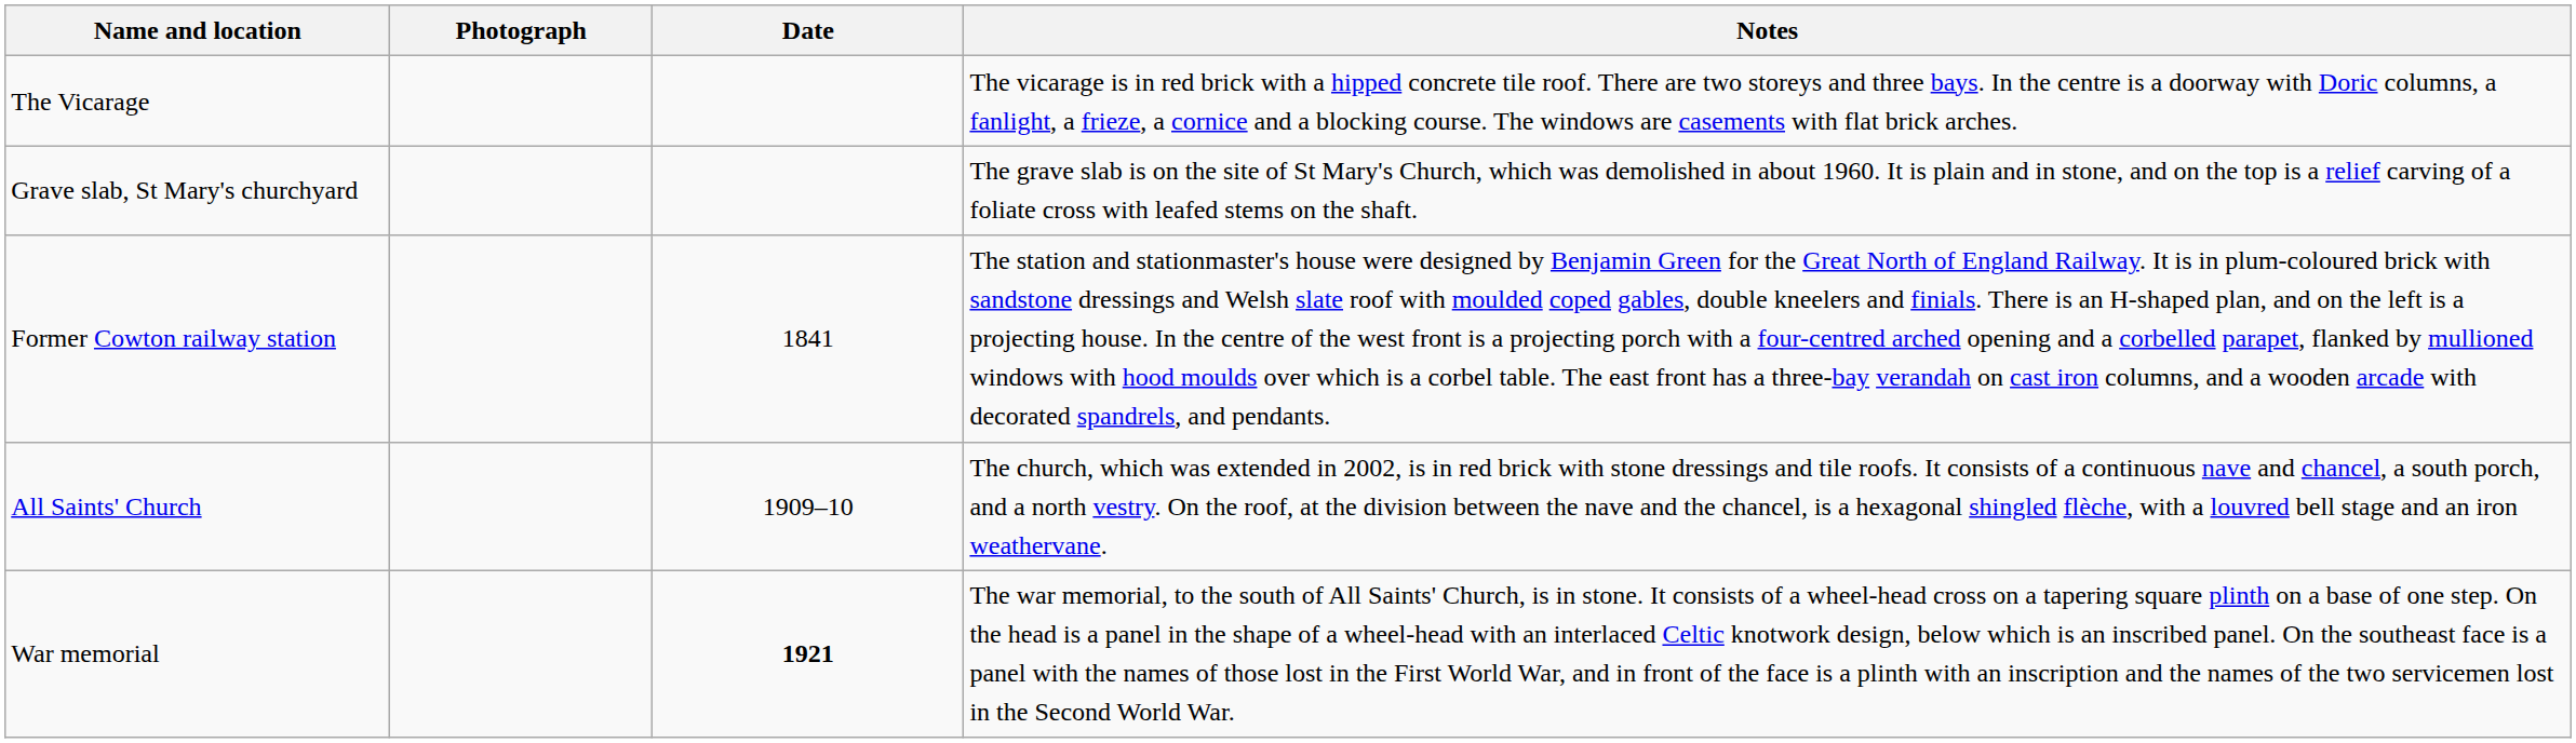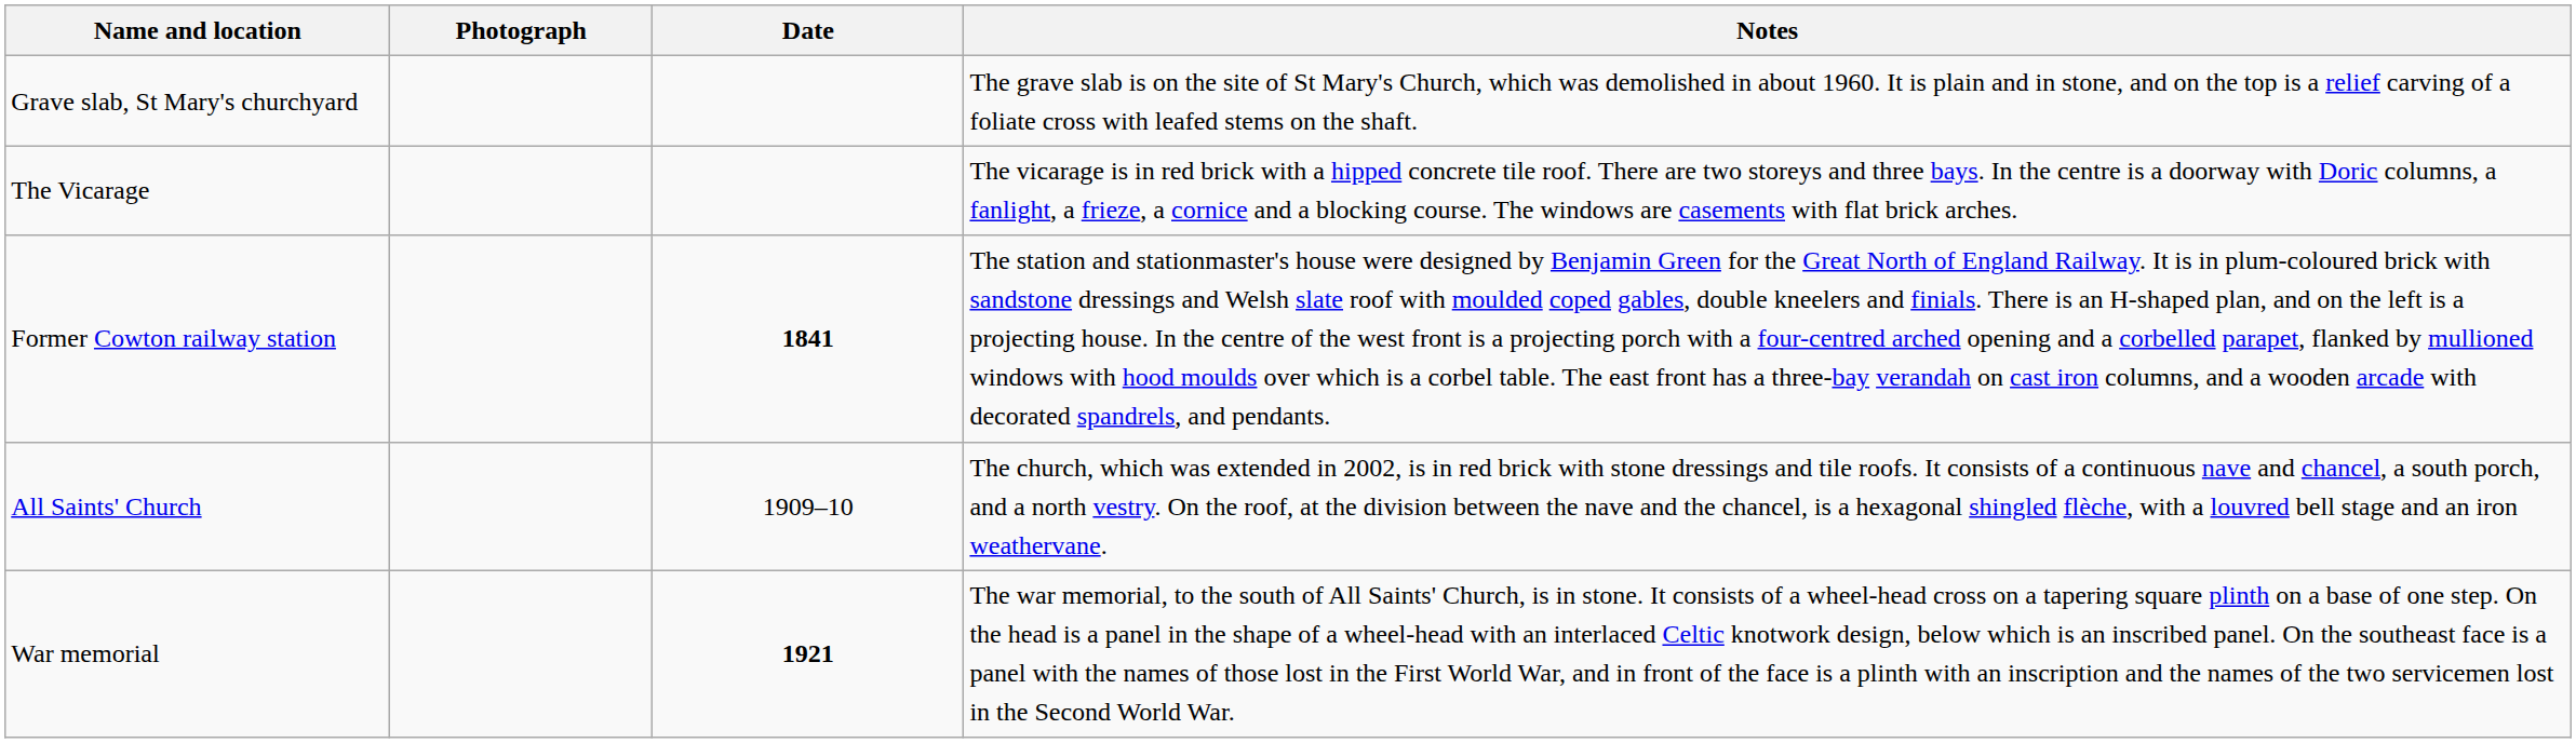 <table class="wikitable sortable plainrowheaders" style="width:100%;border:0px;text-align:left;line-height:150%;">
 <tr>
 <th scope="col"  style="width:150px">Name and location</th>
 <th scope="col"  style="width:100px" class="unsortable">Photograph</th>
 <th scope="col"  style="width:120px">Date</th>
 <th scope="col"  style="width:650px" class="unsortable">Notes</th>
 </tr>
 <tr>
+<td>Grave slab, St Mary's churchyard<br><small></small></td>
+<td></td>
+<td align="center"></td>
+<td>The grave slab is on the site of St Mary's Church, which was demolished in about 1960.  It is plain and in stone, and on the top is a <a href='#'>relief</a> carving of a foliate cross with leafed stems on the shaft.</td>
+</tr>
+<tr>
 <td>The Vicarage<br><small></small></td>
 <td></td>
 <td align="center"></td>
 <td>The vicarage is in red brick with a <a href='#'>hipped</a> concrete tile roof.  There are two storeys and three <a href='#'>bays</a>.  In the centre is a doorway with <a href='#'>Doric</a> columns, a <a href='#'>fanlight</a>, a <a href='#'>frieze</a>,  a <a href='#'>cornice</a> and a blocking course.  The windows are <a href='#'>casements</a> with flat brick arches.</td>
 </tr>
 <tr>
-<td>Grave slab, St Mary's churchyard<br><small></small></td>
-<td></td>
-<td align="center"></td>
-<td>The grave slab is on the site of St Mary's Church, which was demolished in about 1960.  It is plain and in stone, and on the top is a <a href='#'>relief</a> carving of a foliate cross with leafed stems on the shaft.</td>
-</tr>
-<tr>
 <td>Former <a href='#'>Cowton railway station</a><br><small></small></td>
 <td></td>
-<td align="center">1841</td>
+<td align="center"><strong>1841</strong></td>
 <td>The station and stationmaster's house were designed by <a href='#'>Benjamin Green</a> for the <a href='#'>Great North of England Railway</a>.  It is in plum-coloured brick with <a href='#'>sandstone</a> dressings and Welsh <a href='#'>slate</a> roof with <a href='#'>moulded</a> <a href='#'>coped</a> <a href='#'>gables</a>, double kneelers and <a href='#'>finials</a>.  There is an H-shaped plan, and on the left is a projecting house.  In the centre of the west front is a projecting porch with a <a href='#'>four-centred arched</a> opening and a <a href='#'>corbelled</a> <a href='#'>parapet</a>, flanked by <a href='#'>mullioned</a> windows with <a href='#'>hood moulds</a> over which is a corbel table.  The east front has a three-<a href='#'>bay</a> <a href='#'>verandah</a> on <a href='#'>cast iron</a> columns, and a wooden <a href='#'>arcade</a> with decorated <a href='#'>spandrels</a>, and pendants.</td>
 </tr>
 <tr>
 <td><a href='#'>All Saints' Church</a><br><small></small></td>
 <td></td>
 <td align="center">1909–10</td>
 <td>The church, which was extended in 2002, is in red brick with stone dressings and tile roofs.  It consists of a continuous <a href='#'>nave</a> and <a href='#'>chancel</a>, a south porch, and a north <a href='#'>vestry</a>.  On the roof, at the division between the nave and the chancel, is a hexagonal <a href='#'>shingled</a> <a href='#'>flèche</a>, with a <a href='#'>louvred</a> bell stage and an iron <a href='#'>weathervane</a>.</td>
 </tr>
 <tr>
 <td>War memorial<br><small></small></td>
 <td></td>
 <td align="center"><strong>1921</strong></td>
 <td>The war memorial, to the south of All Saints' Church, is in stone.  It consists of a wheel-head cross on a tapering square <a href='#'>plinth</a> on a base of one step.  On the head is a panel in the shape of a wheel-head with an interlaced <a href='#'>Celtic</a> knotwork design, below which is an inscribed panel.  On the southeast face is a panel with the names of those lost in the First World War, and in front of the face is a plinth with an inscription and the names of the two servicemen lost in the Second World War.</td>
 </tr>
 <tr>
 </tr>
 </table>
